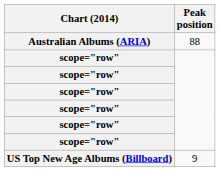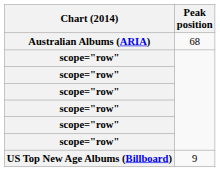 <table class="wikitable sortable plainrowheaders" style="text-align:center">
 <tr>
 <th scope="col">Chart (2014)</th>
 <th scope="col">Peak<br>position</th>
 </tr>
 <tr>
 <th scope="row">Australian Albums (<a href='#'>ARIA</a>)</th>
-<td>88</td>
+<td>68</td>
 </tr>
 <tr>
 <th>scope="row" </th>
 </tr>
 <tr>
 <th>scope="row" </th>
 </tr>
 <tr>
 <th>scope="row" </th>
 </tr>
 <tr>
 <th>scope="row" </th>
 </tr>
 <tr>
 <th>scope="row" </th>
 </tr>
 <tr>
 <th>scope="row" </th>
 </tr>
 <tr>
 <th scope="row">US Top New Age Albums (<a href='#'>Billboard</a>)</th>
 <td>9</td>
 </tr>
 </table>
